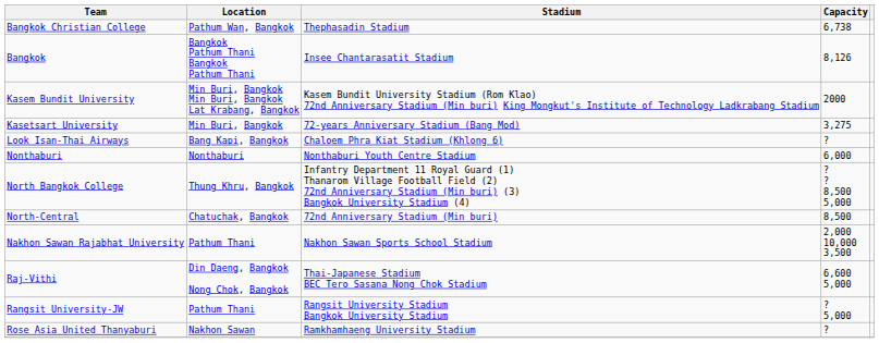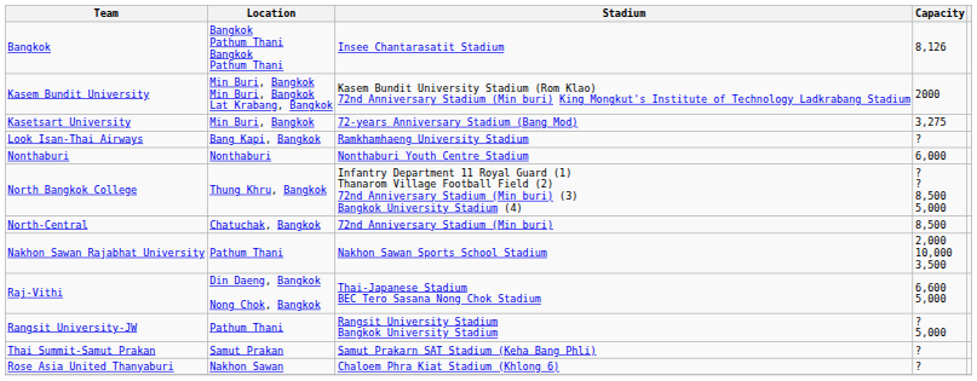 <table class="wikitable sortable">
 <tr>
 <th>Team</th>
 <th>Location</th>
 <th>Stadium</th>
 <th>Capacity</th>
 <th class="unsortable"></th>
-</tr>
-<tr>
-<td><a href='#'>Bangkok Christian College</a></td>
-<td><a href='#'>Pathum Wan</a>, <a href='#'>Bangkok</a></td>
-<td><a href='#'>Thephasadin Stadium</a></td>
-<td>6,738</td>
-<td></td>
 </tr>
 <tr>
 <td><a href='#'>Bangkok</a></td>
 <td><a href='#'>Bangkok</a><br><a href='#'>Pathum Thani</a><br> <a href='#'>Bangkok</a><br><a href='#'>Pathum Thani</a></td>
 <td><a href='#'>Insee Chantarasatit Stadium</a></td>
 <td>8,126</td>
 <td></td>
 </tr>
 <tr>
 <td><a href='#'>Kasem Bundit University</a></td>
 <td><a href='#'>Min Buri</a>, <a href='#'>Bangkok</a> <br><a href='#'>Min Buri</a>, <a href='#'>Bangkok</a> <br> <a href='#'>Lat Krabang</a>, <a href='#'>Bangkok</a></td>
 <td>Kasem Bundit University Stadium (Rom Klao)<br><a href='#'>72nd Anniversary Stadium (Min buri)</a> <a href='#'>King Mongkut's Institute of Technology Ladkrabang Stadium</a></td>
 <td>2000</td>
 <td> <br> <br></td>
 </tr>
 <tr>
 <td><a href='#'>Kasetsart University</a></td>
 <td><a href='#'>Min Buri</a>, <a href='#'>Bangkok</a></td>
 <td><a href='#'>72-years Anniversary Stadium (Bang Mod)</a></td>
 <td>3,275</td>
 <td></td>
 </tr>
 <tr>
 <td><a href='#'>Look Isan-Thai Airways</a></td>
 <td><a href='#'>Bang Kapi</a>, <a href='#'>Bangkok</a></td>
-<td><a href='#'>Chaloem Phra Kiat Stadium (Khlong 6)</a></td>
+<td><a href='#'>Ramkhamhaeng University Stadium</a></td>
 <td>?</td>
 <td></td>
 </tr>
 <tr>
 <td><a href='#'>Nonthaburi</a></td>
 <td><a href='#'>Nonthaburi</a></td>
 <td><a href='#'>Nonthaburi Youth Centre Stadium</a></td>
 <td>6,000</td>
 <td></td>
 </tr>
 <tr>
 <td><a href='#'>North Bangkok College</a></td>
 <td><a href='#'>Thung Khru</a>, <a href='#'>Bangkok</a></td>
 <td>Infantry Department 11 Royal Guard (1)<br>Thanarom Village Football Field (2)<br> <a href='#'>72nd Anniversary Stadium (Min buri)</a> (3)<br> <a href='#'>Bangkok University Stadium</a> (4) <br></td>
 <td>?<br>?<br>8,500 <br>5,000</td>
 <td> <br> <br> <br></td>
 </tr>
 <tr>
 <td><a href='#'>North-Central</a></td>
 <td><a href='#'>Chatuchak</a>, <a href='#'>Bangkok</a></td>
 <td><a href='#'>72nd Anniversary Stadium (Min buri)</a></td>
 <td>8,500</td>
 <td></td>
 </tr>
 <tr>
 <td><a href='#'>Nakhon Sawan Rajabhat University</a></td>
 <td><a href='#'>Pathum Thani</a></td>
 <td><a href='#'>Nakhon Sawan Sports School Stadium</a></td>
 <td>2,000<br> 10,000<br> 3,500</td>
 <td></td>
 </tr>
 <tr>
 <td><a href='#'>Raj-Vithi</a></td>
 <td><a href='#'>Din Daeng</a>, <a href='#'>Bangkok</a> <br><br><a href='#'>Nong Chok</a>, <a href='#'>Bangkok</a></td>
 <td><a href='#'>Thai-Japanese Stadium</a><br><a href='#'>BEC Tero Sasana Nong Chok Stadium</a></td>
 <td>6,600<br>5,000</td>
 <td><br></td>
 </tr>
 <tr>
 <td><a href='#'>Rangsit University-JW</a></td>
 <td><a href='#'>Pathum Thani</a></td>
 <td><a href='#'>Rangsit University Stadium</a><br><a href='#'>Bangkok University Stadium</a></td>
 <td>?<br>5,000</td>
 <td><br></td>
 </tr>
 <tr>
+<td><a href='#'>Thai Summit-Samut Prakan</a></td>
+<td><a href='#'>Samut Prakan</a></td>
+<td><a href='#'>Samut Prakarn SAT Stadium (Keha Bang Phli)</a></td>
+<td>?</td>
+<td></td>
+</tr>
+<tr>
 <td><a href='#'>Rose Asia United Thanyaburi</a></td>
 <td><a href='#'>Nakhon Sawan</a></td>
-<td><a href='#'>Ramkhamhaeng University Stadium</a></td>
+<td><a href='#'>Chaloem Phra Kiat Stadium (Khlong 6)</a></td>
 <td>?</td>
 <td></td>
 </tr>
 <tr>
 </tr>
 </table>
